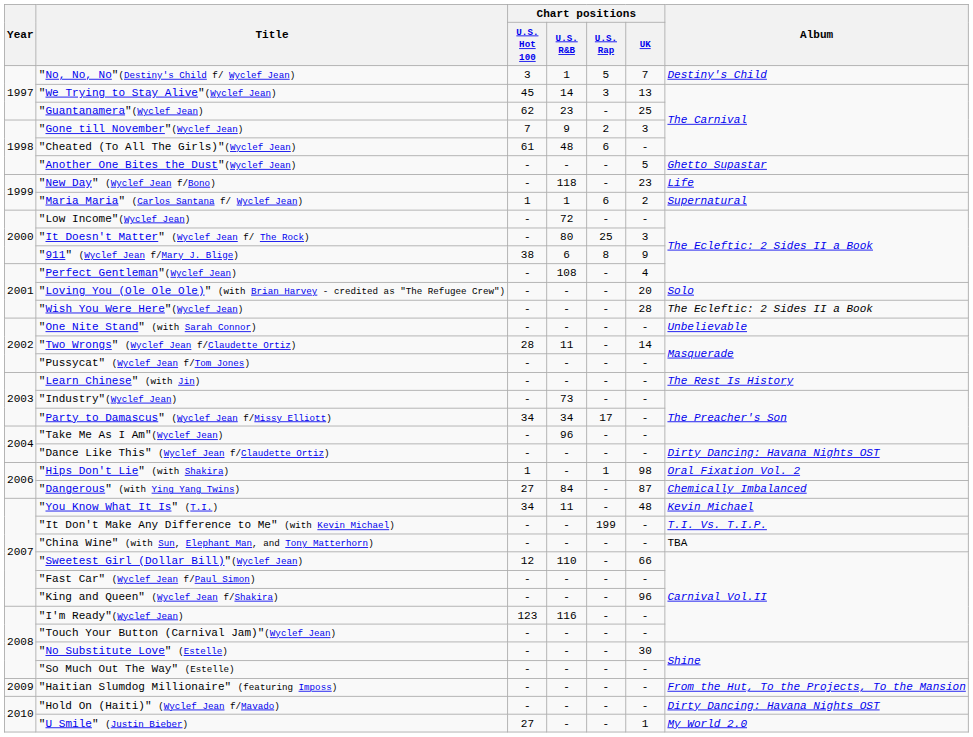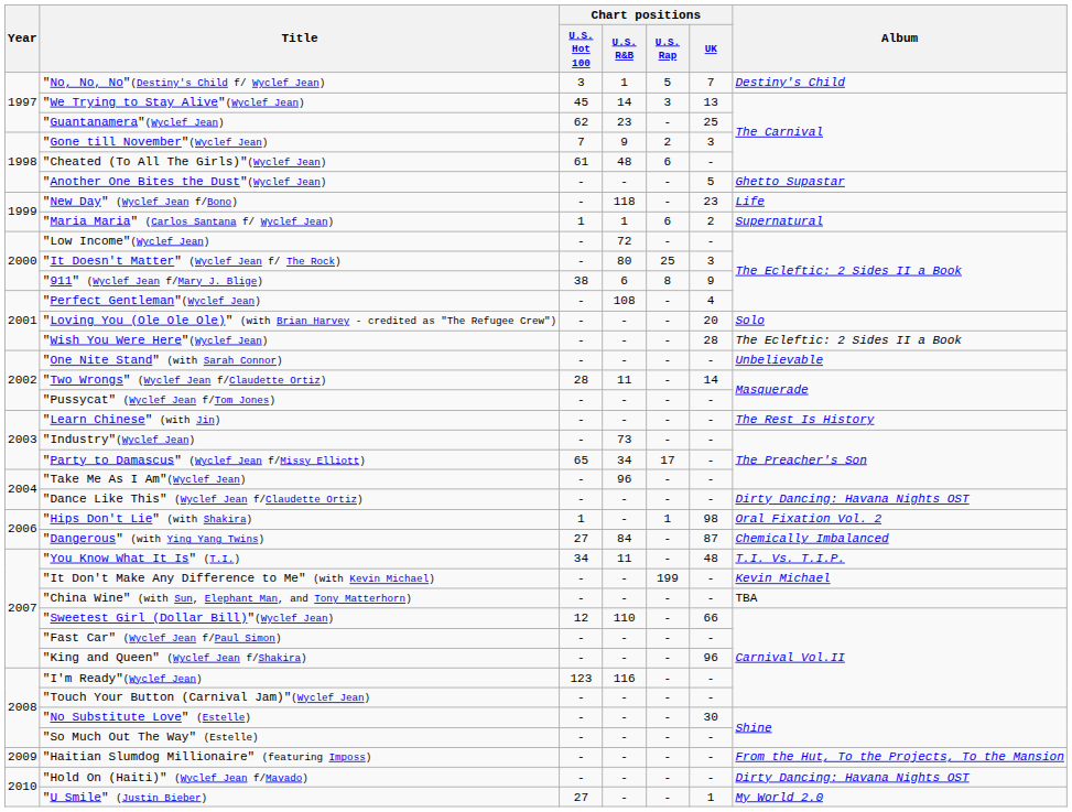 <table class="wikitable">
 <tr>
 <th rowspan="2" style="text-align:center;"><strong>Year</strong></th>
 <th rowspan="2" style="text-align:center;"><strong>Title</strong></th>
 <th colspan="4" style="text-align:center;"><strong>Chart positions</strong></th>
 <th rowspan="2" style="text-align:center;"><strong>Album</strong></th>
 </tr>
 <tr>
 <th style="text-align:center; width:40px;"><small><a href='#'>U.S. Hot 100</a></small></th>
 <th style="text-align:center; width:40px;"><small><a href='#'>U.S. R&B</a></small></th>
 <th style="text-align:center; width:40px;"><small><a href='#'>U.S. Rap</a></small></th>
 <th style="text-align:center; width:40px;"><small><a href='#'>UK</a></small></th>
 </tr>
 <tr>
 <td rowspan="3">1997</td>
 <td style="text-align:left; vertical-align:top;">"<a href='#'>No, No, No</a>"<small>(<a href='#'>Destiny's Child</a> f/ <a href='#'>Wyclef Jean</a>)</small></td>
 <td style="text-align:center; vertical-align:top;">3</td>
 <td style="text-align:center; vertical-align:top;">1</td>
 <td style="text-align:center; vertical-align:top;">5</td>
 <td style="text-align:center; vertical-align:top;">7</td>
 <td style="text-align:left; vertical-align:top;"><em><a href='#'>Destiny's Child</a></em></td>
 </tr>
 <tr>
 <td style="text-align:left; vertical-align:top;">"<a href='#'>We Trying to Stay Alive</a>"<small>(<a href='#'>Wyclef Jean</a>)</small></td>
 <td style="text-align:center; vertical-align:top;">45</td>
 <td style="text-align:center; vertical-align:top;">14</td>
 <td style="text-align:center; vertical-align:top;">3</td>
 <td style="text-align:center; vertical-align:top;">13</td>
 <td rowspan="4"><em><a href='#'>The Carnival</a></em></td>
 </tr>
 <tr>
 <td style="text-align:left; vertical-align:top;">"<a href='#'>Guantanamera</a>"<small>(<a href='#'>Wyclef Jean</a>)</small></td>
 <td style="text-align:center; vertical-align:top;">62</td>
 <td style="text-align:center; vertical-align:top;">23</td>
 <td style="text-align:center; vertical-align:top;">-</td>
 <td style="text-align:center; vertical-align:top;">25</td>
 </tr>
 <tr>
 <td rowspan="3">1998</td>
 <td style="text-align:left; vertical-align:top;">"<a href='#'>Gone till November</a>"<small>(<a href='#'>Wyclef Jean</a>)</small></td>
 <td style="text-align:center; vertical-align:top;">7</td>
 <td style="text-align:center; vertical-align:top;">9</td>
 <td style="text-align:center; vertical-align:top;">2</td>
 <td style="text-align:center; vertical-align:top;">3</td>
 </tr>
 <tr style="vertical-align:top;">
 <td style="text-align:left; ">"Cheated (To All The Girls)"<small>(<a href='#'>Wyclef Jean</a>)</small></td>
 <td style="text-align:center; ">61</td>
 <td style="text-align:center; ">48</td>
 <td style="text-align:center; ">6</td>
 <td style="text-align:center; ">-</td>
 </tr>
 <tr>
 <td style="text-align:left; vertical-align:top;">"<a href='#'>Another One Bites the Dust</a>"<small>(<a href='#'>Wyclef Jean</a>)</small></td>
 <td style="text-align:center; vertical-align:top;">-</td>
 <td style="text-align:center; vertical-align:top;">-</td>
 <td style="text-align:center; vertical-align:top;">-</td>
 <td style="text-align:center; vertical-align:top;">5</td>
 <td><em><a href='#'>Ghetto Supastar</a></em></td>
 </tr>
 <tr>
 <td rowspan="2">1999</td>
 <td style="text-align:left; vertical-align:top;">"<a href='#'>New Day</a>" <small>(<a href='#'>Wyclef Jean</a> f/<a href='#'>Bono</a>)</small></td>
 <td style="text-align:center; vertical-align:top;">-</td>
 <td style="text-align:center; vertical-align:top;">118</td>
 <td style="text-align:center; vertical-align:top;">-</td>
 <td style="text-align:center; vertical-align:top;">23</td>
 <td><em><a href='#'>Life</a></em></td>
 </tr>
 <tr>
 <td style="text-align:left; vertical-align:top;">"<a href='#'>Maria Maria</a>" <small>(<a href='#'>Carlos Santana</a> f/ <a href='#'>Wyclef Jean</a>)</small></td>
 <td style="text-align:center; vertical-align:top;">1</td>
 <td style="text-align:center; vertical-align:top;">1</td>
 <td style="text-align:center; vertical-align:top;">6</td>
 <td style="text-align:center; vertical-align:top;">2</td>
 <td style="text-align:left; vertical-align:top;"><em><a href='#'>Supernatural</a></em></td>
 </tr>
 <tr>
 <td rowspan="3">2000</td>
 <td style="text-align:left; vertical-align:top;">"Low Income"<small>(<a href='#'>Wyclef Jean</a>)</small></td>
 <td style="text-align:center; vertical-align:top;">-</td>
 <td style="text-align:center; vertical-align:top;">72</td>
 <td style="text-align:center; vertical-align:top;">-</td>
 <td style="text-align:center; vertical-align:top;">-</td>
 <td rowspan="4"><em><a href='#'>The Ecleftic: 2 Sides II a Book</a></em></td>
 </tr>
 <tr>
 <td style="text-align:left; vertical-align:top;">"<a href='#'>It Doesn't Matter</a>" <small> (<a href='#'>Wyclef Jean</a> f/ <a href='#'>The Rock</a>)</small></td>
 <td style="text-align:center; vertical-align:top;">-</td>
 <td style="text-align:center; vertical-align:top;">80</td>
 <td style="text-align:center; vertical-align:top;">25</td>
 <td style="text-align:center; vertical-align:top;">3</td>
 </tr>
 <tr>
 <td style="text-align:left; vertical-align:top;">"<a href='#'>911</a>" <small>(<a href='#'>Wyclef Jean</a> f/<a href='#'>Mary J. Blige</a>)</small></td>
 <td style="text-align:center; vertical-align:top;">38</td>
 <td style="text-align:center; vertical-align:top;">6</td>
 <td style="text-align:center; vertical-align:top;">8</td>
 <td style="text-align:center; vertical-align:top;">9</td>
 </tr>
 <tr>
 <td rowspan="3">2001</td>
 <td style="text-align:left; vertical-align:top;">"<a href='#'>Perfect Gentleman</a>"<small>(<a href='#'>Wyclef Jean</a>)</small></td>
 <td style="text-align:center; vertical-align:top;">-</td>
 <td style="text-align:center; vertical-align:top;">108</td>
 <td style="text-align:center; vertical-align:top;">-</td>
 <td style="text-align:center; vertical-align:top;">4</td>
 </tr>
 <tr>
 <td style="text-align:left; vertical-align:top;">"<a href='#'>Loving You (Ole Ole Ole)</a>" <small>(with <a href='#'>Brian Harvey</a> - credited as "The Refugee Crew")</small></td>
 <td style="text-align:center; vertical-align:top;">-</td>
 <td style="text-align:center; vertical-align:top;">-</td>
 <td style="text-align:center; vertical-align:top;">-</td>
 <td style="text-align:center; vertical-align:top;">20</td>
 <td style="text-align:left; vertical-align:top;"><em><a href='#'>Solo</a></em></td>
 </tr>
 <tr>
 <td style="text-align:left; vertical-align:top;">"<a href='#'>Wish You Were Here</a>"<small>(<a href='#'>Wyclef Jean</a>)</small></td>
 <td style="text-align:center; vertical-align:top;">-</td>
 <td style="text-align:center; vertical-align:top;">-</td>
 <td style="text-align:center; vertical-align:top;">-</td>
 <td style="text-align:center; vertical-align:top;">28</td>
 <td style="text-align:left; vertical-align:top;"><em>The Ecleftic: 2 Sides II a Book</em></td>
 </tr>
 <tr>
 <td rowspan="3">2002</td>
 <td style="text-align:left; vertical-align:top;">"<a href='#'>One Nite Stand</a>" <small>(with <a href='#'>Sarah Connor</a>)</small></td>
 <td style="text-align:center; vertical-align:top;">-</td>
 <td style="text-align:center; vertical-align:top;">-</td>
 <td style="text-align:center; vertical-align:top;">-</td>
 <td style="text-align:center; vertical-align:top;">-</td>
 <td style="text-align:left; vertical-align:top;"><em><a href='#'>Unbelievable</a></em></td>
 </tr>
 <tr>
 <td style="text-align:left; vertical-align:top;">"<a href='#'>Two Wrongs</a>" <small>(<a href='#'>Wyclef Jean</a> f/<a href='#'>Claudette Ortiz</a>)</small></td>
 <td style="text-align:center; vertical-align:top;">28</td>
 <td style="text-align:center; vertical-align:top;">11</td>
 <td style="text-align:center; vertical-align:top;">-</td>
 <td style="text-align:center; vertical-align:top;">14</td>
 <td rowspan="2"><em><a href='#'>Masquerade</a></em></td>
 </tr>
 <tr>
 <td style="text-align:left; vertical-align:top;">"Pussycat" <small>(<a href='#'>Wyclef Jean</a> f/<a href='#'>Tom Jones</a>)</small></td>
 <td style="text-align:center; vertical-align:top;">-</td>
 <td style="text-align:center; vertical-align:top;">-</td>
 <td style="text-align:center; vertical-align:top;">-</td>
 <td style="text-align:center; vertical-align:top;">-</td>
 </tr>
 <tr>
 <td rowspan="3">2003</td>
 <td style="text-align:left; vertical-align:top;">"<a href='#'>Learn Chinese</a>" <small>(with <a href='#'>Jin</a>)</small></td>
 <td style="text-align:center; vertical-align:top;">-</td>
 <td style="text-align:center; vertical-align:top;">-</td>
 <td style="text-align:center; vertical-align:top;">-</td>
 <td style="text-align:center; vertical-align:top;">-</td>
 <td style="text-align:left; vertical-align:top;"><em><a href='#'>The Rest Is History</a></em></td>
 </tr>
 <tr>
 <td style="text-align:left; vertical-align:top;">"Industry"<small>(<a href='#'>Wyclef Jean</a>)</small></td>
 <td style="text-align:center; vertical-align:top;">-</td>
 <td style="text-align:center; vertical-align:top;">73</td>
 <td style="text-align:center; vertical-align:top;">-</td>
 <td style="text-align:center; vertical-align:top;">-</td>
 <td rowspan="3"><em><a href='#'>The Preacher's Son</a></em></td>
 </tr>
 <tr style="vertical-align:top;">
 <td style="text-align:left; ">"<a href='#'>Party to Damascus</a>" <small>(<a href='#'>Wyclef Jean</a> f/<a href='#'>Missy Elliott</a>)</small></td>
-<td style="text-align:center; vertical-align:top;">34</td>
+<td style="text-align:center; ">65</td>
 <td style="text-align:center; ">34</td>
 <td style="text-align:center; ">17</td>
 <td style="text-align:center; ">-</td>
 </tr>
 <tr>
 <td rowspan="2">2004</td>
 <td style="text-align:left; vertical-align:top;">"Take Me As I Am"<small>(<a href='#'>Wyclef Jean</a>)</small></td>
 <td style="text-align:center; vertical-align:top;">-</td>
 <td style="text-align:center; vertical-align:top;">96</td>
 <td style="text-align:center; vertical-align:top;">-</td>
 <td style="text-align:center; vertical-align:top;">-</td>
 </tr>
 <tr>
 <td style="text-align:left; vertical-align:top;">"Dance Like This" <small>(<a href='#'>Wyclef Jean</a> f/<a href='#'>Claudette Ortiz</a>)</small></td>
 <td style="text-align:center; vertical-align:top;">-</td>
 <td style="text-align:center; vertical-align:top;">-</td>
 <td style="text-align:center; vertical-align:top;">-</td>
 <td style="text-align:center; vertical-align:top;">-</td>
 <td><em><a href='#'>Dirty Dancing: Havana Nights OST</a></em></td>
 </tr>
 <tr>
 <td rowspan="2">2006</td>
 <td style="text-align:left; vertical-align:top;">"<a href='#'>Hips Don't Lie</a>" <small>(with <a href='#'>Shakira</a>)</small></td>
 <td style="text-align:center; vertical-align:top;">1</td>
 <td style="text-align:center; vertical-align:top;">-</td>
 <td style="text-align:center; vertical-align:top;">1</td>
 <td style="text-align:center; vertical-align:top;">98</td>
 <td style="text-align:left; vertical-align:top;"><em><a href='#'>Oral Fixation Vol. 2</a></em></td>
 </tr>
 <tr>
 <td style="text-align:left; vertical-align:top;">"<a href='#'>Dangerous</a>" <small>(with <a href='#'>Ying Yang Twins</a>)</small></td>
 <td style="text-align:center; vertical-align:top;">27</td>
 <td style="text-align:center; vertical-align:top;">84</td>
 <td style="text-align:center; vertical-align:top;">-</td>
 <td style="text-align:center; vertical-align:top;">87</td>
 <td style="text-align:left; vertical-align:top;"><em><a href='#'>Chemically Imbalanced</a></em></td>
 </tr>
 <tr>
 <td rowspan="6">2007</td>
 <td style="text-align:left; vertical-align:top;">"<a href='#'>You Know What It Is</a>" <small>(<a href='#'>T.I.</a>)</small></td>
 <td style="text-align:center; vertical-align:top;">34</td>
 <td style="text-align:center; vertical-align:top;">11</td>
 <td style="text-align:center; vertical-align:top;">-</td>
 <td style="text-align:center; vertical-align:top;">48</td>
-<td style="text-align:left; vertical-align:top;"><em><a href='#'>Kevin Michael</a></em></td>
+<td style="text-align:left; vertical-align:top;"><em><a href='#'>T.I. Vs. T.I.P.</a></em></td>
 </tr>
 <tr>
 <td style="text-align:left; vertical-align:top;">"It Don't Make Any Difference to Me" <small>(with <a href='#'>Kevin Michael</a>)</small></td>
 <td style="text-align:center; vertical-align:top;">-</td>
 <td style="text-align:center; vertical-align:top;">-</td>
 <td style="text-align:center; vertical-align:top;">199</td>
 <td style="text-align:center; vertical-align:top;">-</td>
-<td style="text-align:left; vertical-align:top;"><em><a href='#'>T.I. Vs. T.I.P.</a></em></td>
+<td style="text-align:left; vertical-align:top;"><em><a href='#'>Kevin Michael</a></em></td>
 </tr>
 <tr>
 <td style="text-align:left; vertical-align:top;">"China Wine" <small>(with <a href='#'>Sun</a>, <a href='#'>Elephant Man</a>, and <a href='#'>Tony Matterhorn</a>)</small></td>
 <td style="text-align:center; vertical-align:top;">-</td>
 <td style="text-align:center; vertical-align:top;">-</td>
 <td style="text-align:center; vertical-align:top;">-</td>
 <td style="text-align:center; vertical-align:top;">-</td>
 <td style="text-align:left; vertical-align:top;">TBA</td>
 </tr>
 <tr>
 <td style="text-align:left; vertical-align:top;">"<a href='#'>Sweetest Girl (Dollar Bill)</a>"<small>(<a href='#'>Wyclef Jean</a>)</small></td>
 <td style="text-align:center; vertical-align:top;">12</td>
 <td style="text-align:center; vertical-align:top;">110</td>
 <td style="text-align:center; vertical-align:top;">-</td>
 <td style="text-align:center; vertical-align:top;">66</td>
 <td rowspan="5"><em><a href='#'>Carnival Vol.II</a></em></td>
 </tr>
 <tr style="vertical-align:top;">
 <td style="text-align:left; ">"Fast Car" <small>(<a href='#'>Wyclef Jean</a> f/<a href='#'>Paul Simon</a>)</small></td>
 <td style="text-align:center; ">-</td>
 <td style="text-align:center; ">-</td>
 <td style="text-align:center; ">-</td>
 <td style="text-align:center; ">-</td>
 </tr>
 <tr style="vertical-align:top;">
 <td style="text-align:left; ">"King and Queen" <small>(<a href='#'>Wyclef Jean</a> f/<a href='#'>Shakira</a>)</small></td>
 <td style="text-align:center; ">-</td>
 <td style="text-align:center; ">-</td>
 <td style="text-align:center; ">-</td>
 <td style="text-align:center; ">96</td>
 </tr>
 <tr>
 <td rowspan="4">2008</td>
 <td style="text-align:left; vertical-align:top;">"I'm Ready"<small>(<a href='#'>Wyclef Jean</a>)</small></td>
 <td style="text-align:center; vertical-align:top;">123</td>
 <td style="text-align:center; vertical-align:top;">116</td>
 <td style="text-align:center; vertical-align:top;">-</td>
 <td style="text-align:center; vertical-align:top;">-</td>
 </tr>
 <tr style="vertical-align:top;">
 <td style="text-align:left; ">"Touch Your Button (Carnival Jam)"<small>(<a href='#'>Wyclef Jean</a>)</small></td>
 <td style="text-align:center; vertical-align:top;">-</td>
 <td style="text-align:center; vertical-align:top;">-</td>
 <td style="text-align:center; vertical-align:top;">-</td>
 <td style="text-align:center; vertical-align:top;">-</td>
 </tr>
 <tr>
 <td style= "text-align:left;  vertical-align:top; ">"<a href='#'>No Substitute Love</a>" <small> (<a href='#'>Estelle</a>)</small></td>
 <td style="text-align:center; vertical-align:top;">-</td>
 <td style="text-align:center; vertical-align:top;">-</td>
 <td style="text-align:center; vertical-align:top;">-</td>
 <td style="text-align:center; vertical-align:top;">30</td>
 <td rowspan= "2"><em><a href='#'>Shine</a></em></td>
 </tr>
 <tr style="vertical-align:top;">
 <td style="text-align;">"So Much Out The Way" <small> (Estelle)</small></td>
 <td style="text-align:center; vertical-align:top;">-</td>
 <td style="text-align:center; vertical-align:top;">-</td>
 <td style="text-align:center; vertical-align:top;">-</td>
 <td style="text-align:center; vertical-align:top;">-</td>
 </tr>
 <tr>
 <td>2009</td>
 <td style="text-align:left; vertical-align:top;">"Haitian Slumdog Millionaire" <small>(featuring <a href='#'>Imposs</a>)</small></td>
 <td style="text-align:center; vertical-align:top;">-</td>
 <td style="text-align:center; vertical-align:top;">-</td>
 <td style="text-align:center; vertical-align:top;">-</td>
 <td style="text-align:center; vertical-align:top;">-</td>
 <td><em><a href='#'>From the Hut, To the Projects, To the Mansion</a></em></td>
 </tr>
 <tr>
 <td rowspan="2">2010</td>
 <td style="text-align:left; vertical-align:top;">"Hold On (Haiti)" <small>(<a href='#'>Wyclef Jean</a> f/<a href='#'>Mavado</a>)</small></td>
 <td style="text-align:center; vertical-align:top;">-</td>
 <td style="text-align:center; vertical-align:top;">-</td>
 <td style="text-align:center; vertical-align:top;">-</td>
 <td style="text-align:center; vertical-align:top;">-</td>
 <td><em><a href='#'>Dirty Dancing: Havana Nights OST</a></em></td>
 </tr>
 <tr>
 <td style="text-align:left; vertical-align:top;">"<a href='#'>U Smile</a>" <small>(<a href='#'>Justin Bieber</a>)</small></td>
 <td style="text-align:center; vertical-align:top;">27</td>
 <td style="text-align:center; vertical-align:top;">-</td>
 <td style="text-align:center; vertical-align:top;">-</td>
 <td style="text-align:center; vertical-align:top;">1</td>
 <td><em><a href='#'>My World 2.0</a></em></td>
 </tr>
 </table>
